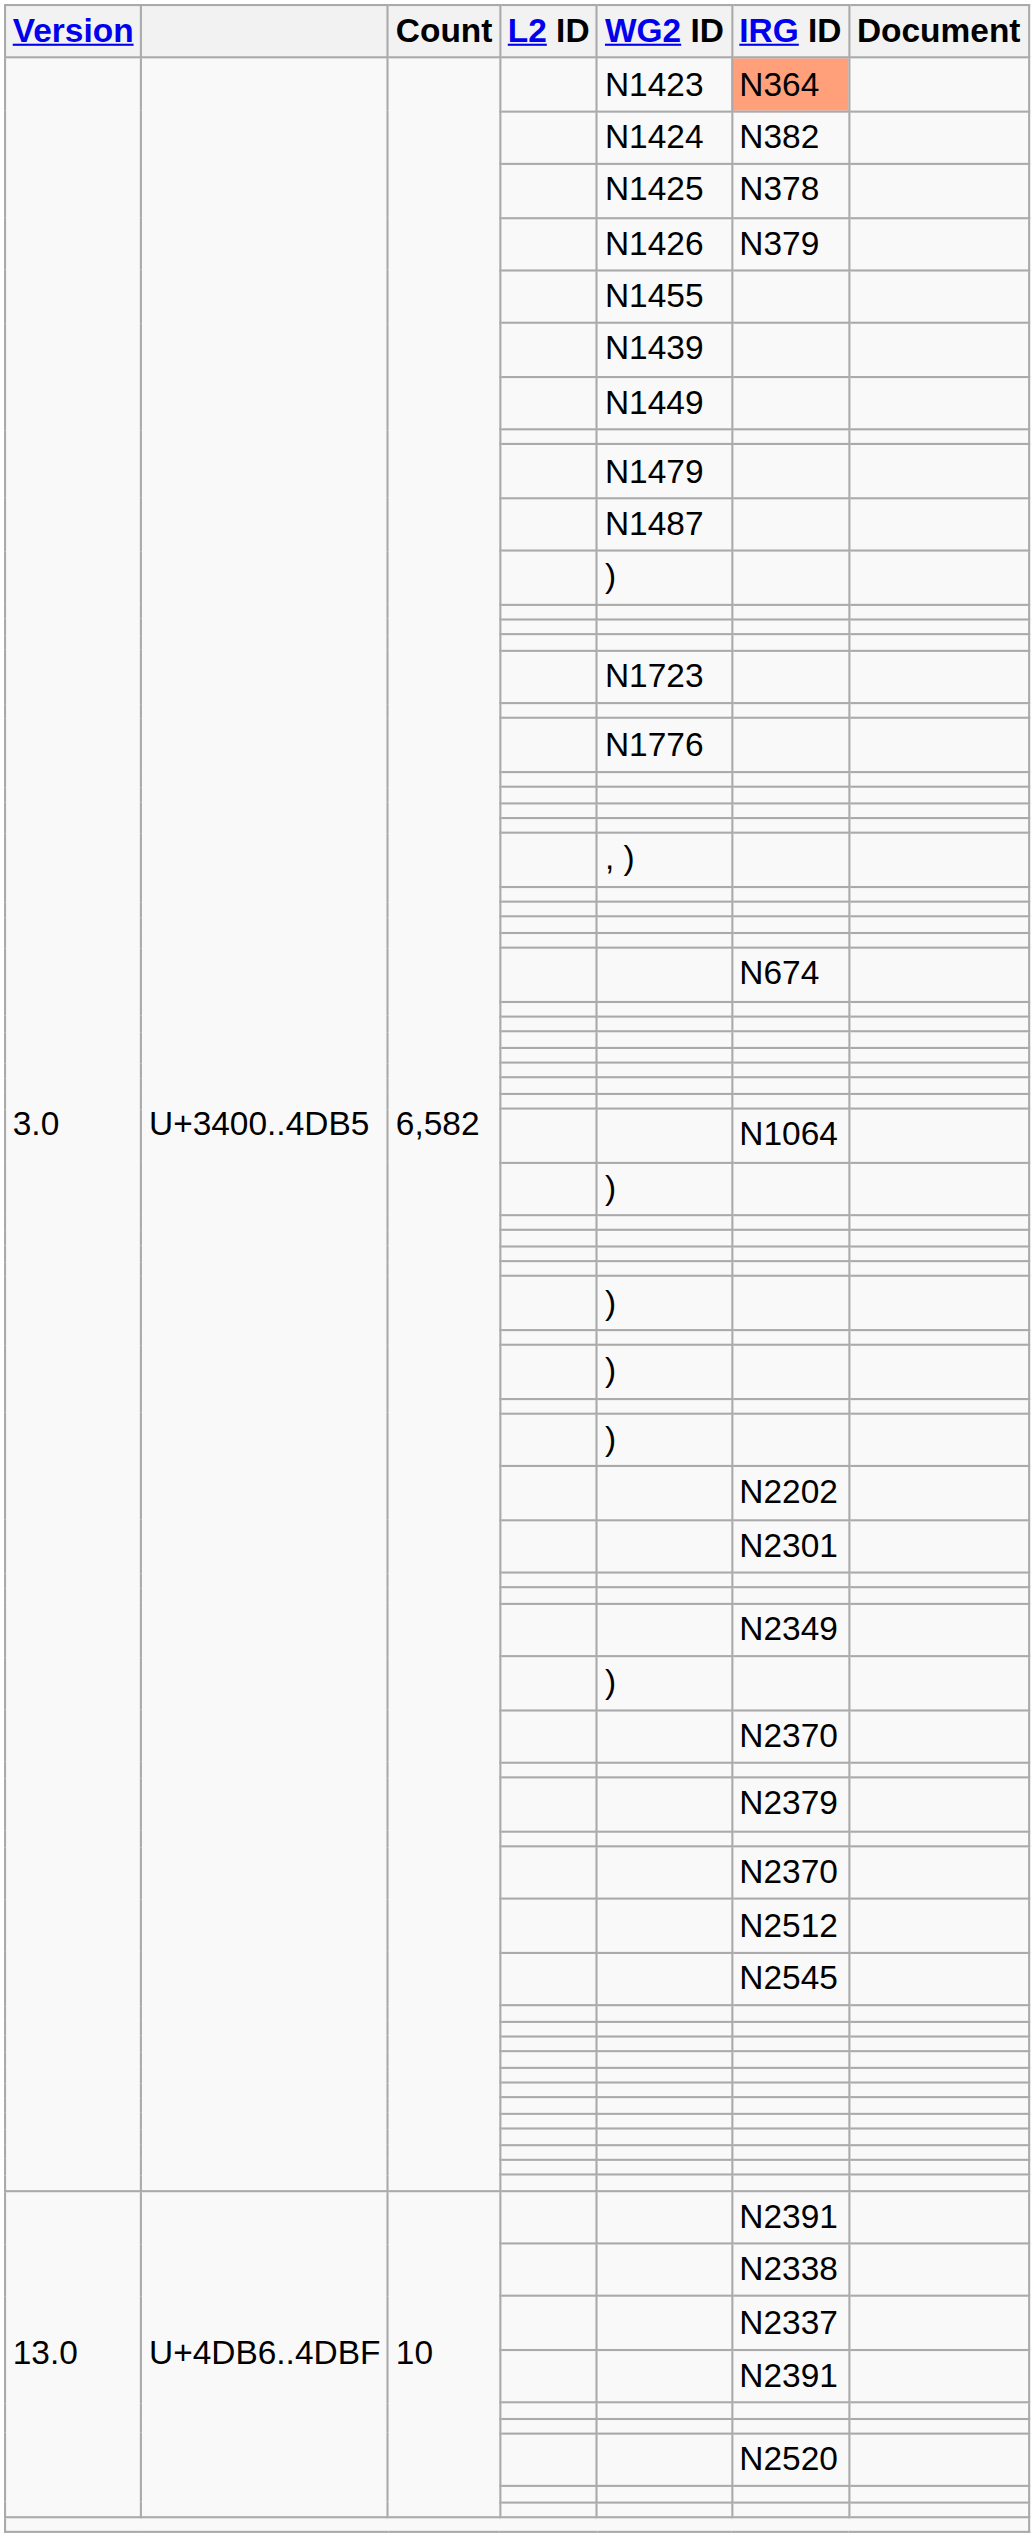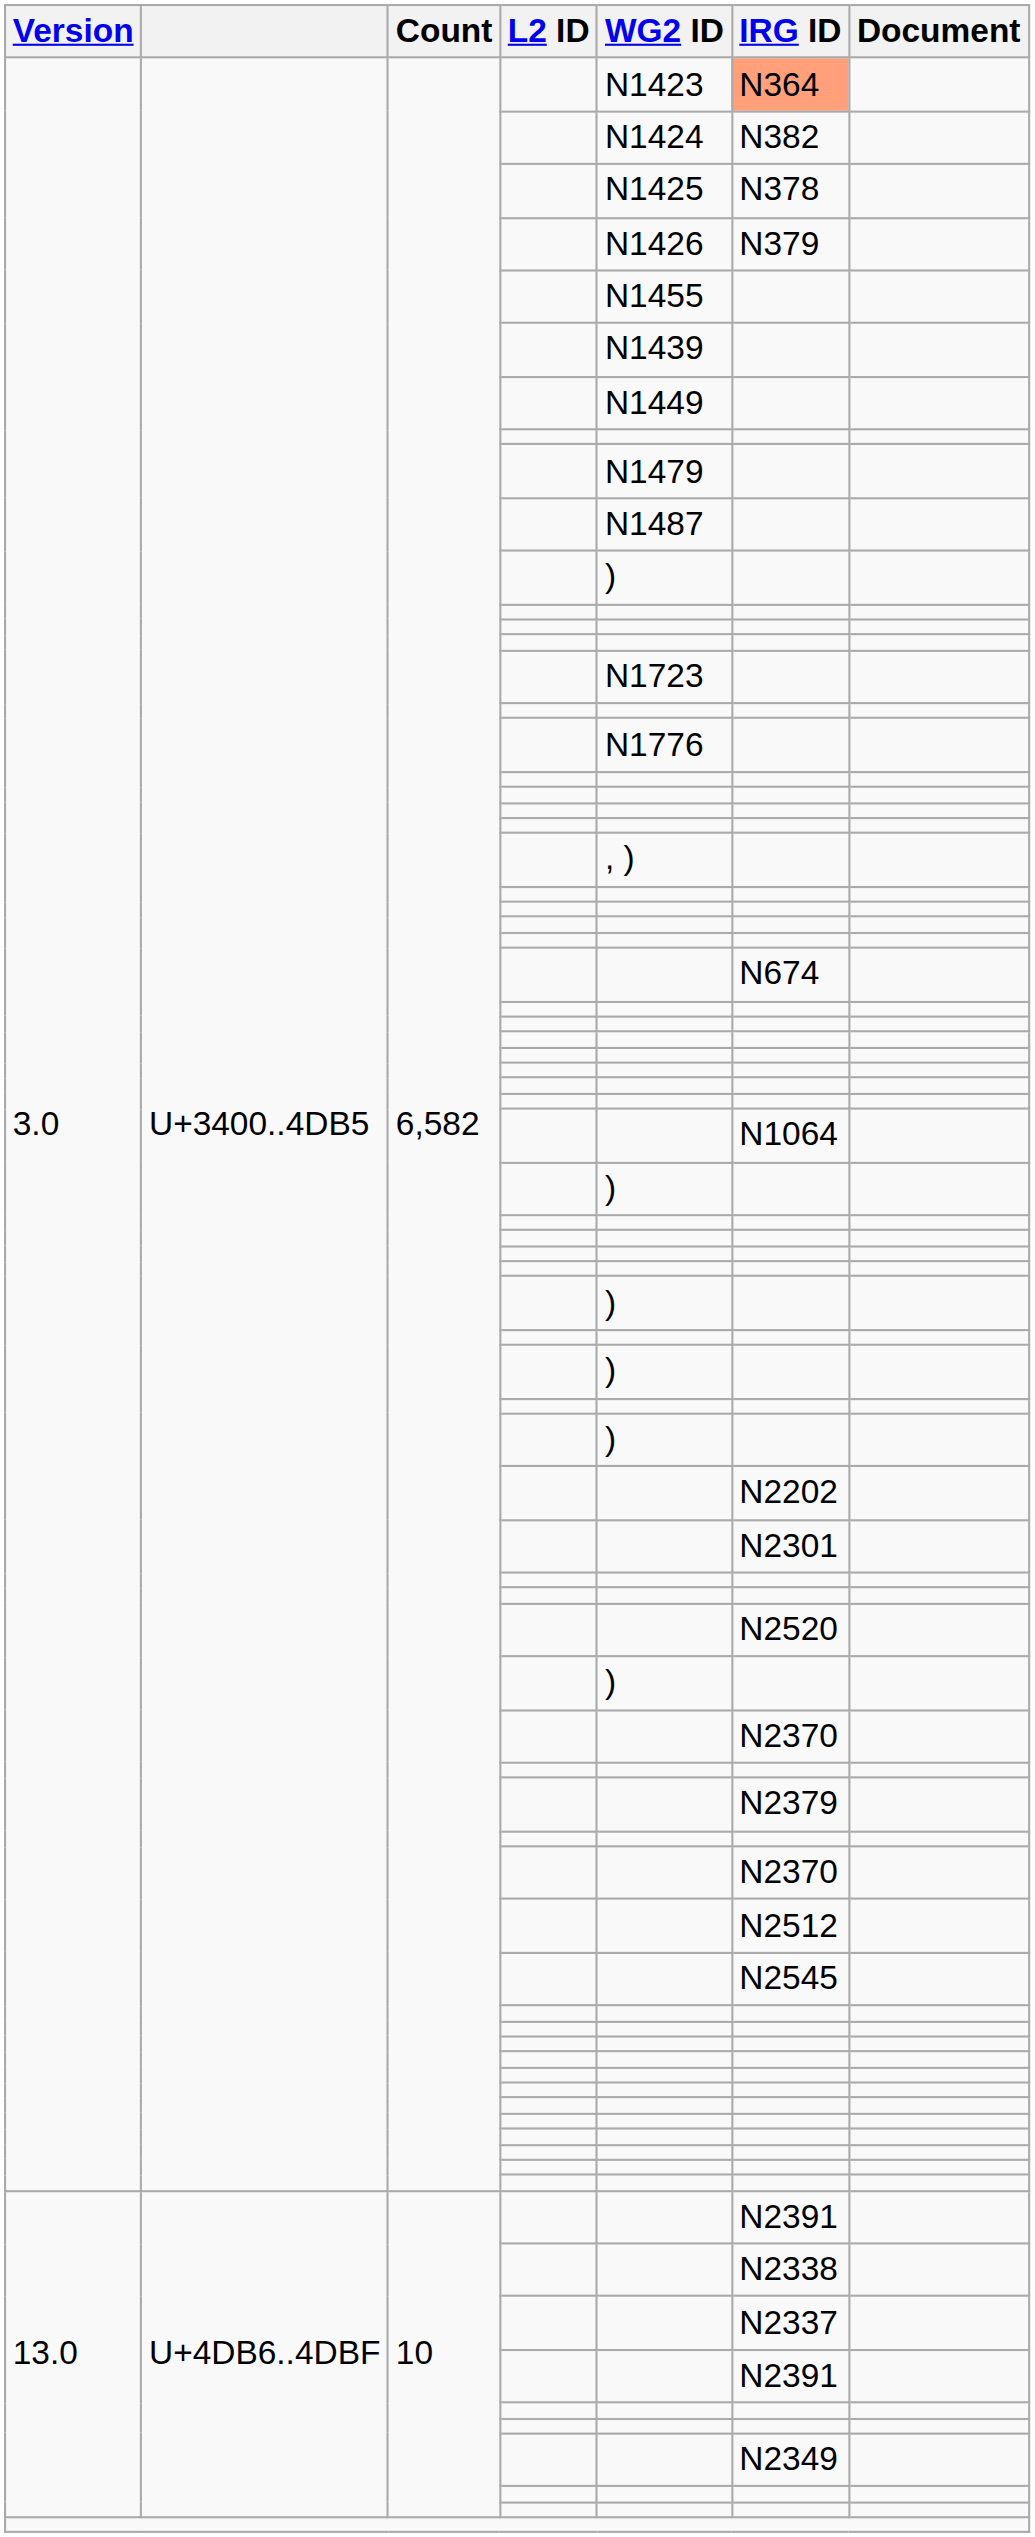 <table class="wikitable collapsible sticky-header">
 <tr>
 <th><a href='#'>Version</a></th>
 <th></th>
 <th>Count</th>
 <th><a href='#'>L2</a> ID</th>
 <th><a href='#'>WG2</a> ID</th>
 <th><a href='#'>IRG</a> ID</th>
 <th>Document</th>
 </tr>
 <tr>
 <td rowspan="70">3.0</td>
 <td rowspan="70">U+3400..4DB5</td>
 <td rowspan="70">6,582</td>
 <td></td>
 <td>N1423</td>
 <td style="background: lightsalmon;">N364</td>
 <td></td>
 </tr>
 <tr>
 <td></td>
 <td>N1424</td>
 <td>N382</td>
 <td></td>
 </tr>
 <tr>
 <td></td>
 <td>N1425</td>
 <td>N378</td>
 <td></td>
 </tr>
 <tr>
 <td></td>
 <td>N1426</td>
 <td>N379</td>
 <td></td>
 </tr>
 <tr>
 <td></td>
 <td>N1455</td>
 <td></td>
 <td></td>
 </tr>
 <tr>
 <td></td>
 <td>N1439</td>
 <td></td>
 <td></td>
 </tr>
 <tr>
 <td></td>
 <td>N1449</td>
 <td></td>
 <td></td>
 </tr>
 <tr>
 <td></td>
 <td></td>
 <td></td>
 <td></td>
 </tr>
 <tr>
 <td></td>
 <td>N1479</td>
 <td></td>
 <td></td>
 </tr>
 <tr>
 <td></td>
 <td>N1487</td>
 <td></td>
 <td></td>
 </tr>
 <tr>
 <td></td>
 <td> )</td>
 <td></td>
 <td></td>
 </tr>
 <tr>
 <td></td>
 <td></td>
 <td></td>
 <td></td>
 </tr>
 <tr>
 <td></td>
 <td></td>
 <td></td>
 <td></td>
 </tr>
 <tr>
 <td></td>
 <td></td>
 <td></td>
 <td></td>
 </tr>
 <tr>
 <td></td>
 <td>N1723</td>
 <td></td>
 <td></td>
 </tr>
 <tr>
 <td></td>
 <td></td>
 <td></td>
 <td></td>
 </tr>
 <tr>
 <td></td>
 <td>N1776</td>
 <td></td>
 <td></td>
 </tr>
 <tr>
 <td></td>
 <td></td>
 <td></td>
 <td></td>
 </tr>
 <tr>
 <td></td>
 <td></td>
 <td></td>
 <td></td>
 </tr>
 <tr>
 <td></td>
 <td></td>
 <td></td>
 <td></td>
 </tr>
 <tr>
 <td></td>
 <td></td>
 <td></td>
 <td></td>
 </tr>
 <tr>
 <td></td>
 <td> , )</td>
 <td></td>
 <td></td>
 </tr>
 <tr>
 <td></td>
 <td></td>
 <td></td>
 <td></td>
 </tr>
 <tr>
 <td></td>
 <td></td>
 <td></td>
 <td></td>
 </tr>
 <tr>
 <td></td>
 <td></td>
 <td></td>
 <td></td>
 </tr>
 <tr>
 <td></td>
 <td></td>
 <td></td>
 <td></td>
 </tr>
 <tr>
 <td></td>
 <td></td>
 <td>N674</td>
 <td></td>
 </tr>
 <tr>
 <td></td>
 <td></td>
 <td></td>
 <td></td>
 </tr>
 <tr>
 <td></td>
 <td></td>
 <td></td>
 <td></td>
 </tr>
 <tr>
 <td></td>
 <td></td>
 <td></td>
 <td></td>
 </tr>
 <tr>
 <td></td>
 <td></td>
 <td></td>
 <td></td>
 </tr>
 <tr>
 <td></td>
 <td></td>
 <td></td>
 <td></td>
 </tr>
 <tr>
 <td></td>
 <td></td>
 <td></td>
 <td></td>
 </tr>
 <tr>
 <td></td>
 <td></td>
 <td></td>
 <td></td>
 </tr>
 <tr>
 <td></td>
 <td></td>
 <td>N1064</td>
 <td></td>
 </tr>
 <tr>
 <td></td>
 <td> )</td>
 <td></td>
 <td></td>
 </tr>
 <tr>
 <td></td>
 <td></td>
 <td></td>
 <td></td>
 </tr>
 <tr>
 <td></td>
 <td></td>
 <td></td>
 <td></td>
 </tr>
 <tr>
 <td></td>
 <td></td>
 <td></td>
 <td></td>
 </tr>
 <tr>
 <td></td>
 <td></td>
 <td></td>
 <td></td>
 </tr>
 <tr>
 <td></td>
 <td> )</td>
 <td></td>
 <td></td>
 </tr>
 <tr>
 <td></td>
 <td></td>
 <td></td>
 <td></td>
 </tr>
 <tr>
 <td></td>
 <td> )</td>
 <td></td>
 <td></td>
 </tr>
 <tr>
 <td></td>
 <td></td>
 <td></td>
 <td></td>
 </tr>
 <tr>
 <td></td>
 <td> )</td>
 <td></td>
 <td></td>
 </tr>
 <tr>
 <td></td>
 <td></td>
 <td>N2202</td>
 <td></td>
 </tr>
 <tr>
 <td></td>
 <td></td>
 <td>N2301</td>
 <td></td>
 </tr>
 <tr>
 <td></td>
 <td></td>
 <td></td>
 <td></td>
 </tr>
 <tr>
 <td></td>
 <td></td>
 <td></td>
 <td></td>
 </tr>
 <tr>
 <td></td>
 <td></td>
-<td>N2349</td>
+<td>N2520</td>
 <td></td>
 </tr>
 <tr>
 <td></td>
 <td> )</td>
 <td></td>
 <td></td>
 </tr>
 <tr>
 <td></td>
 <td></td>
 <td>N2370</td>
 <td></td>
 </tr>
 <tr>
 <td></td>
 <td></td>
 <td></td>
 <td></td>
 </tr>
 <tr>
 <td></td>
 <td></td>
 <td>N2379</td>
 <td></td>
 </tr>
 <tr>
 <td></td>
 <td></td>
 <td></td>
 <td></td>
 </tr>
 <tr>
 <td></td>
 <td></td>
 <td>N2370</td>
 <td></td>
 </tr>
 <tr>
 <td></td>
 <td></td>
 <td>N2512</td>
 <td></td>
 </tr>
 <tr>
 <td></td>
 <td></td>
 <td>N2545</td>
 <td></td>
 </tr>
 <tr>
 <td></td>
 <td></td>
 <td></td>
 <td></td>
 </tr>
 <tr>
 <td></td>
 <td></td>
 <td></td>
 <td></td>
 </tr>
 <tr>
 <td></td>
 <td></td>
 <td></td>
 <td></td>
 </tr>
 <tr>
 <td></td>
 <td></td>
 <td></td>
 <td></td>
 </tr>
 <tr>
 <td></td>
 <td></td>
 <td></td>
 <td></td>
 </tr>
 <tr>
 <td></td>
 <td></td>
 <td></td>
 <td></td>
 </tr>
 <tr>
 <td></td>
 <td></td>
 <td></td>
 <td></td>
 </tr>
 <tr>
 <td></td>
 <td></td>
 <td></td>
 <td></td>
 </tr>
 <tr>
 <td></td>
 <td></td>
 <td></td>
 <td></td>
 </tr>
 <tr>
 <td></td>
 <td></td>
 <td></td>
 <td></td>
 </tr>
 <tr>
 <td></td>
 <td></td>
 <td></td>
 <td></td>
 </tr>
 <tr>
 <td></td>
 <td></td>
 <td></td>
 <td></td>
 </tr>
 <tr>
 <td rowspan="9">13.0</td>
 <td rowspan="9">U+4DB6..4DBF</td>
 <td rowspan="9">10</td>
 <td></td>
 <td></td>
 <td>N2391</td>
 <td></td>
 </tr>
 <tr>
 <td></td>
 <td></td>
 <td>N2338</td>
 <td></td>
 </tr>
 <tr>
 <td></td>
 <td></td>
 <td>N2337</td>
 <td></td>
 </tr>
 <tr>
 <td></td>
 <td></td>
 <td>N2391</td>
 <td></td>
 </tr>
 <tr>
 <td></td>
 <td></td>
 <td></td>
 <td></td>
 </tr>
 <tr>
 <td></td>
 <td></td>
 <td></td>
 <td></td>
 </tr>
 <tr>
 <td></td>
 <td></td>
-<td>N2520</td>
+<td>N2349</td>
 <td></td>
 </tr>
 <tr>
 <td></td>
 <td></td>
 <td></td>
 <td></td>
 </tr>
 <tr>
 <td></td>
 <td></td>
 <td></td>
 <td></td>
 </tr>
 <tr class="sortbottom">
 <td colspan="7"></td>
 </tr>
 </table>
